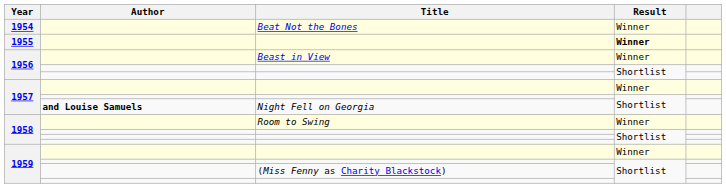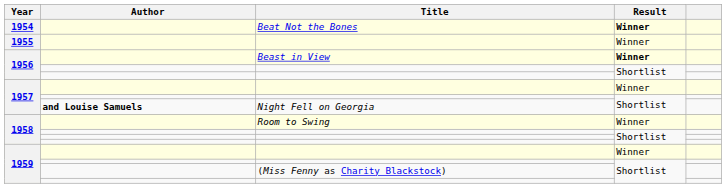 <table class="wikitable sortable mw-collapsible" style="width:80%">
 <tr>
 <th scope="col" width="5%">Year</th>
 <th scope="col" width="30%">Author</th>
 <th scope="col" width="50%">Title</th>
 <th scope="col" width="10%">Result</th>
 <th scope="col" width="5%"></th>
 </tr>
 <tr style="background:lightyellow;">
 <th><a href='#'>1954</a></th>
 <td></td>
 <td><em><a href='#'>Beat Not the Bones</a></em></td>
-<td>Winner</td>
+<td><strong>Winner</strong></td>
 <td></td>
 </tr>
 <tr style="background:lightyellow;">
 <th><a href='#'>1955</a></th>
 <td></td>
 <td></td>
-<td><strong>Winner</strong></td>
+<td>Winner</td>
 <td></td>
 </tr>
 <tr style="background:lightyellow;">
 <th rowspan="3"><a href='#'>1956</a></th>
 <td></td>
 <td><em><a href='#'>Beast in View</a></em></td>
-<td>Winner</td>
+<td><strong>Winner</strong></td>
 <td></td>
 </tr>
 <tr>
 <td></td>
 <td></td>
 <td rowspan="2">Shortlist</td>
 <td></td>
 </tr>
 <tr>
 <td></td>
 <td></td>
 <td></td>
 </tr>
 <tr style="background:lightyellow;">
 <th rowspan="3"><a href='#'>1957</a></th>
 <td></td>
 <td></td>
 <td>Winner</td>
 <td></td>
 </tr>
 <tr>
 <td></td>
 <td></td>
 <td rowspan="2">Shortlist</td>
 <td></td>
 </tr>
 <tr>
 <td><strong> and Louise Samuels</strong></td>
 <td><em>Night Fell on Georgia</em></td>
 <td></td>
 </tr>
 <tr style="background:lightyellow;">
 <th rowspan="4"><a href='#'>1958</a></th>
 <td></td>
 <td><em>Room to Swing</em></td>
 <td>Winner</td>
 <td></td>
 </tr>
 <tr>
 <td></td>
 <td></td>
 <td rowspan="3">Shortlist</td>
 <td></td>
 </tr>
 <tr>
 <td></td>
 <td></td>
 <td></td>
 </tr>
 <tr>
 <td></td>
 <td></td>
 <td></td>
 </tr>
 <tr style="background:lightyellow;">
 <th rowspan="4"><a href='#'>1959</a></th>
 <td></td>
 <td></td>
 <td>Winner</td>
 <td></td>
 </tr>
 <tr>
 <td></td>
 <td></td>
 <td rowspan="3">Shortlist</td>
 <td></td>
 </tr>
 <tr>
 <td></td>
 <td> (<em>Miss Fenny</em> as <a href='#'>Charity Blackstock</a>)</td>
 <td></td>
 </tr>
 <tr>
 <td></td>
 <td></td>
 <td></td>
 </tr>
 </table>
